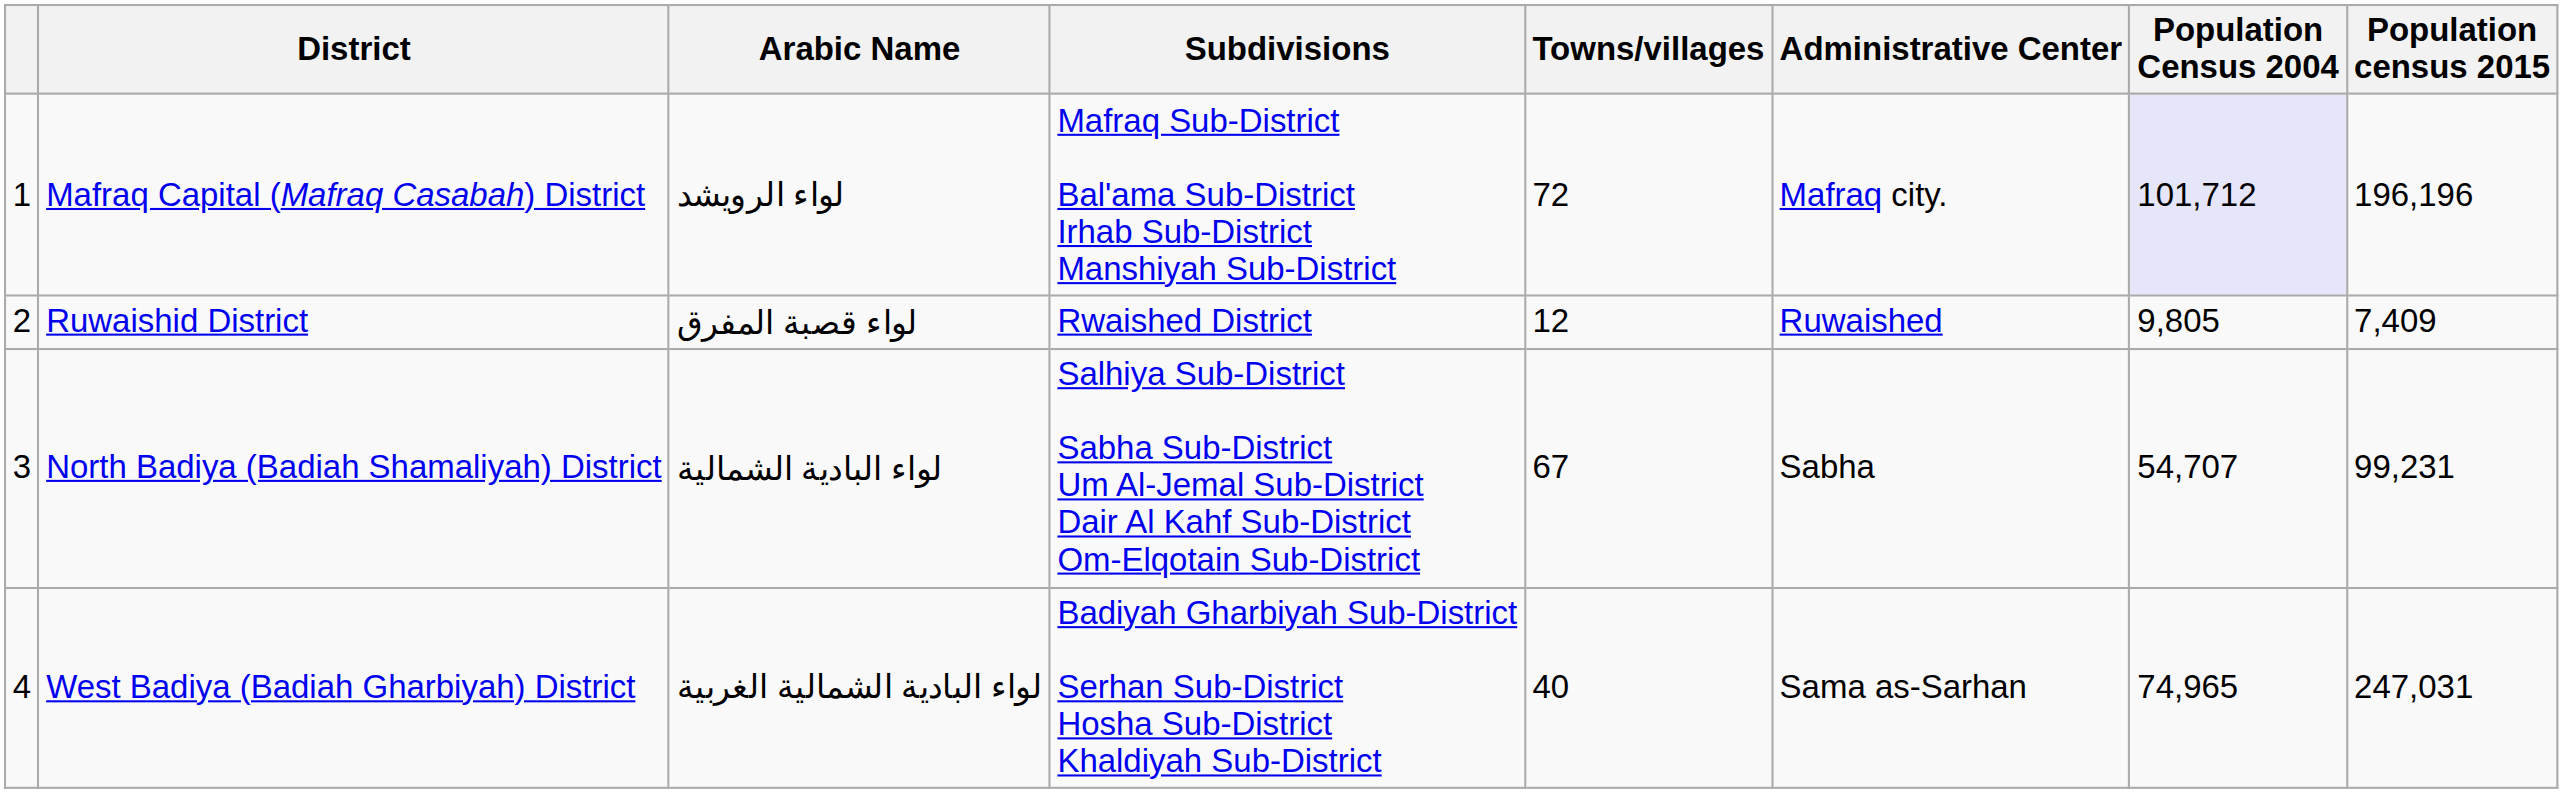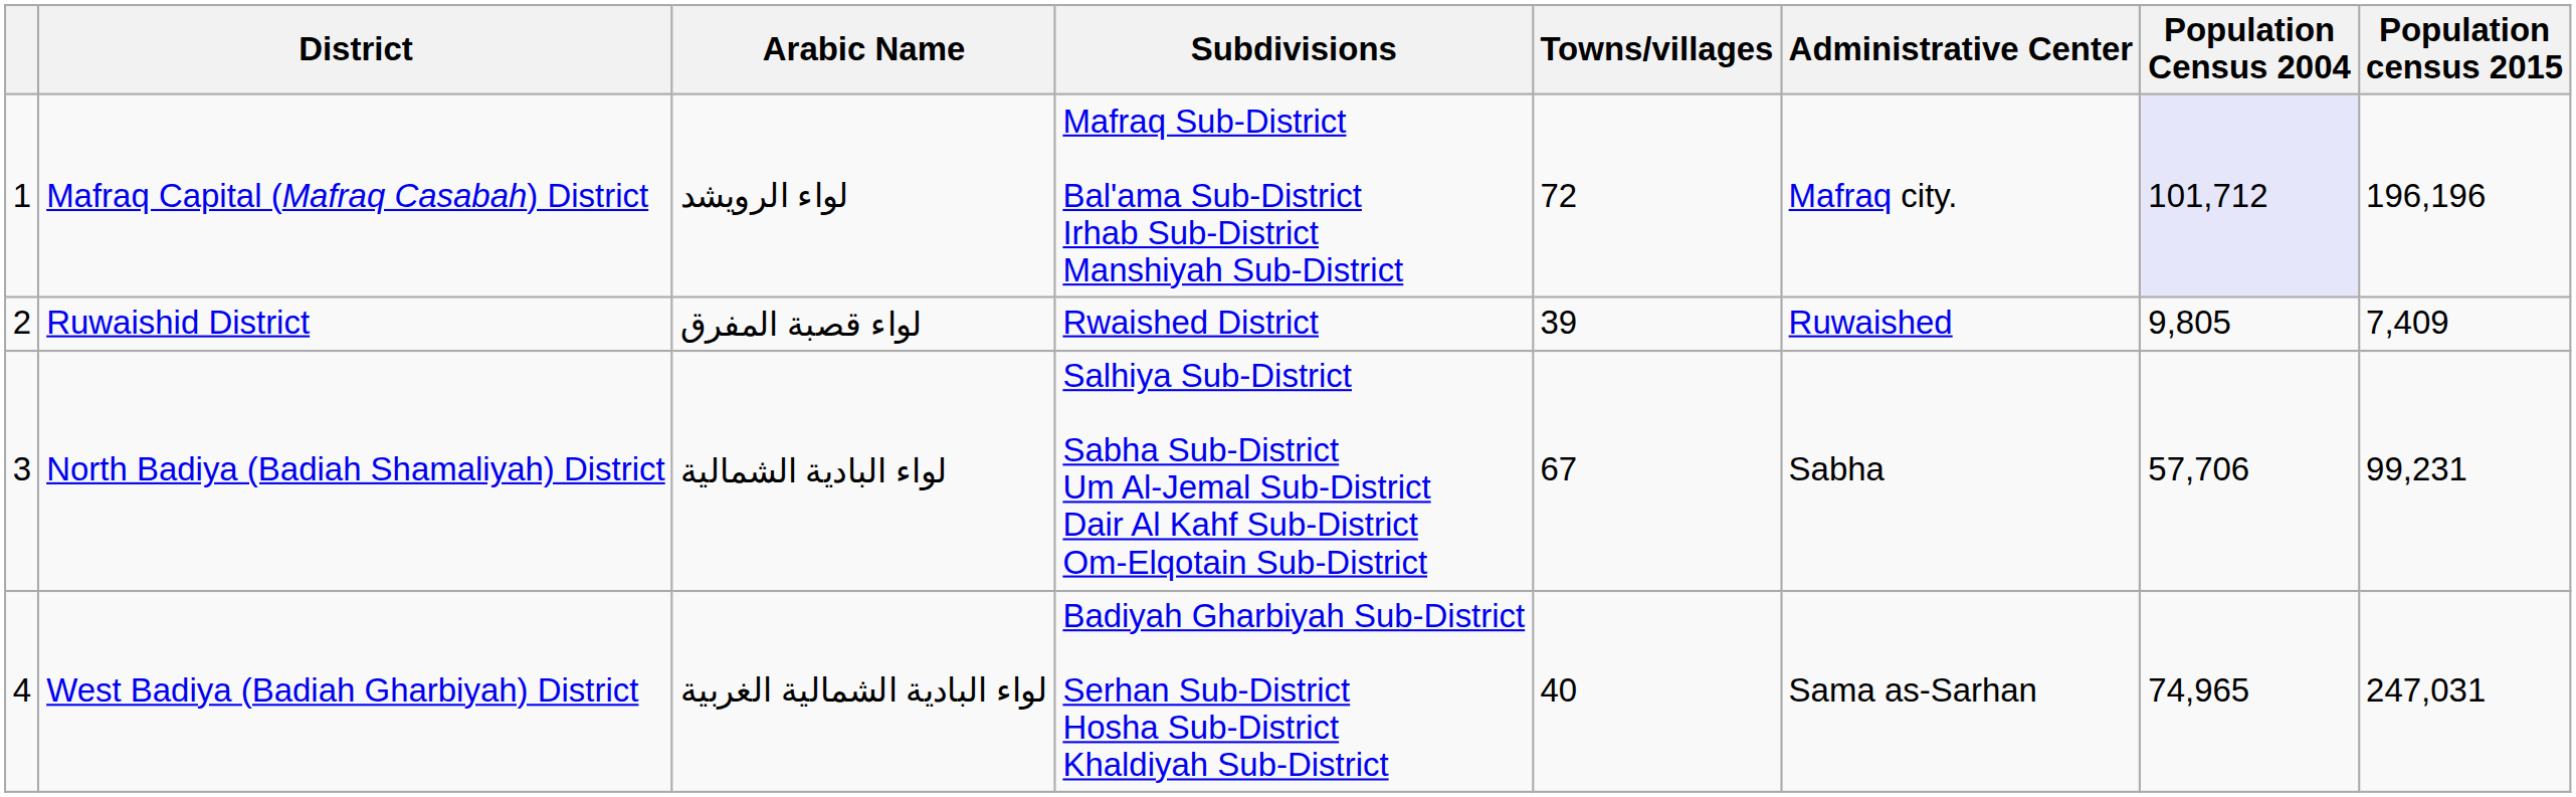 <table class="wikitable">
 <tr>
 <th></th>
 <th>District</th>
 <th>Arabic Name</th>
 <th>Subdivisions</th>
 <th>Towns/villages</th>
 <th>Administrative Center</th>
 <th>Population<br>Census 2004</th>
 <th>Population<br>census 2015</th>
 </tr>
 <tr>
 <td>1</td>
 <td><a href='#'>Mafraq Capital (<em>Mafraq Casabah</em>) District</a></td>
 <td>لواء الرويشد</td>
 <td><a href='#'>Mafraq Sub-District</a><br><br><a href='#'>Bal'ama Sub-District</a><br> <a href='#'>Irhab Sub-District</a><br> <a href='#'>Manshiyah Sub-District</a></td>
 <td>72</td>
 <td><a href='#'>Mafraq</a> city.</td>
 <td style="background: lavender;">101,712</td>
 <td>196,196</td>
 </tr>
 <tr>
 <td>2</td>
 <td><a href='#'>Ruwaishid District</a></td>
 <td>لواء قصبة المفرق</td>
 <td><a href='#'>Rwaished District</a></td>
-<td>12</td>
+<td>39</td>
 <td><a href='#'>Ruwaished</a></td>
 <td>9,805</td>
 <td>7,409</td>
 </tr>
 <tr>
 <td>3</td>
 <td><a href='#'>North Badiya (Badiah Shamaliyah) District</a></td>
 <td>لواء البادية الشمالية</td>
 <td><a href='#'>Salhiya Sub-District</a><br><br><a href='#'>Sabha Sub-District</a><br> <a href='#'>Um Al-Jemal Sub-District</a><br> <a href='#'>Dair Al Kahf Sub-District</a><br> <a href='#'>Om-Elqotain Sub-District</a></td>
 <td>67</td>
 <td>Sabha</td>
-<td>54,707</td>
+<td>57,706</td>
 <td>99,231</td>
 </tr>
 <tr>
 <td>4</td>
 <td><a href='#'>West Badiya (Badiah Gharbiyah) District</a></td>
 <td>لواء البادية الشمالية الغربية</td>
 <td><a href='#'>Badiyah Gharbiyah Sub-District</a><br><br><a href='#'>Serhan Sub-District</a><br> <a href='#'>Hosha Sub-District</a><br> <a href='#'>Khaldiyah Sub-District</a></td>
 <td>40</td>
 <td>Sama as-Sarhan</td>
 <td>74,965</td>
 <td>247,031</td>
 </tr>
 </table>
